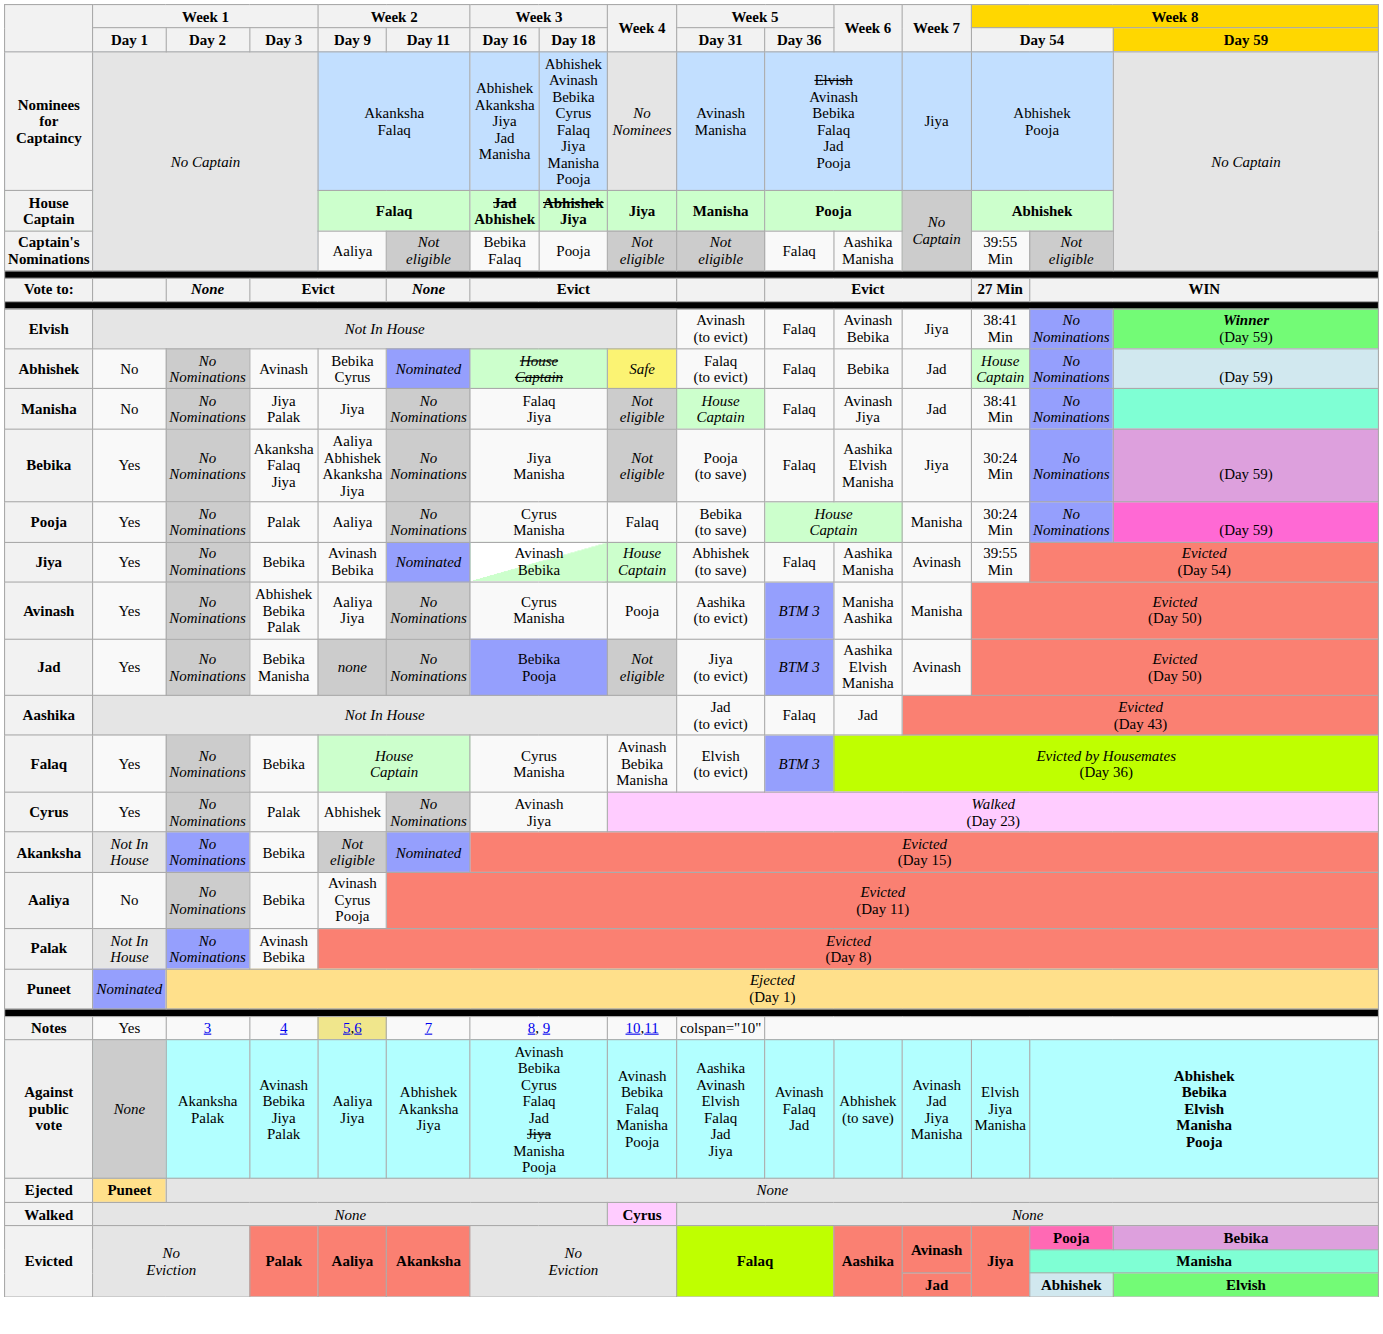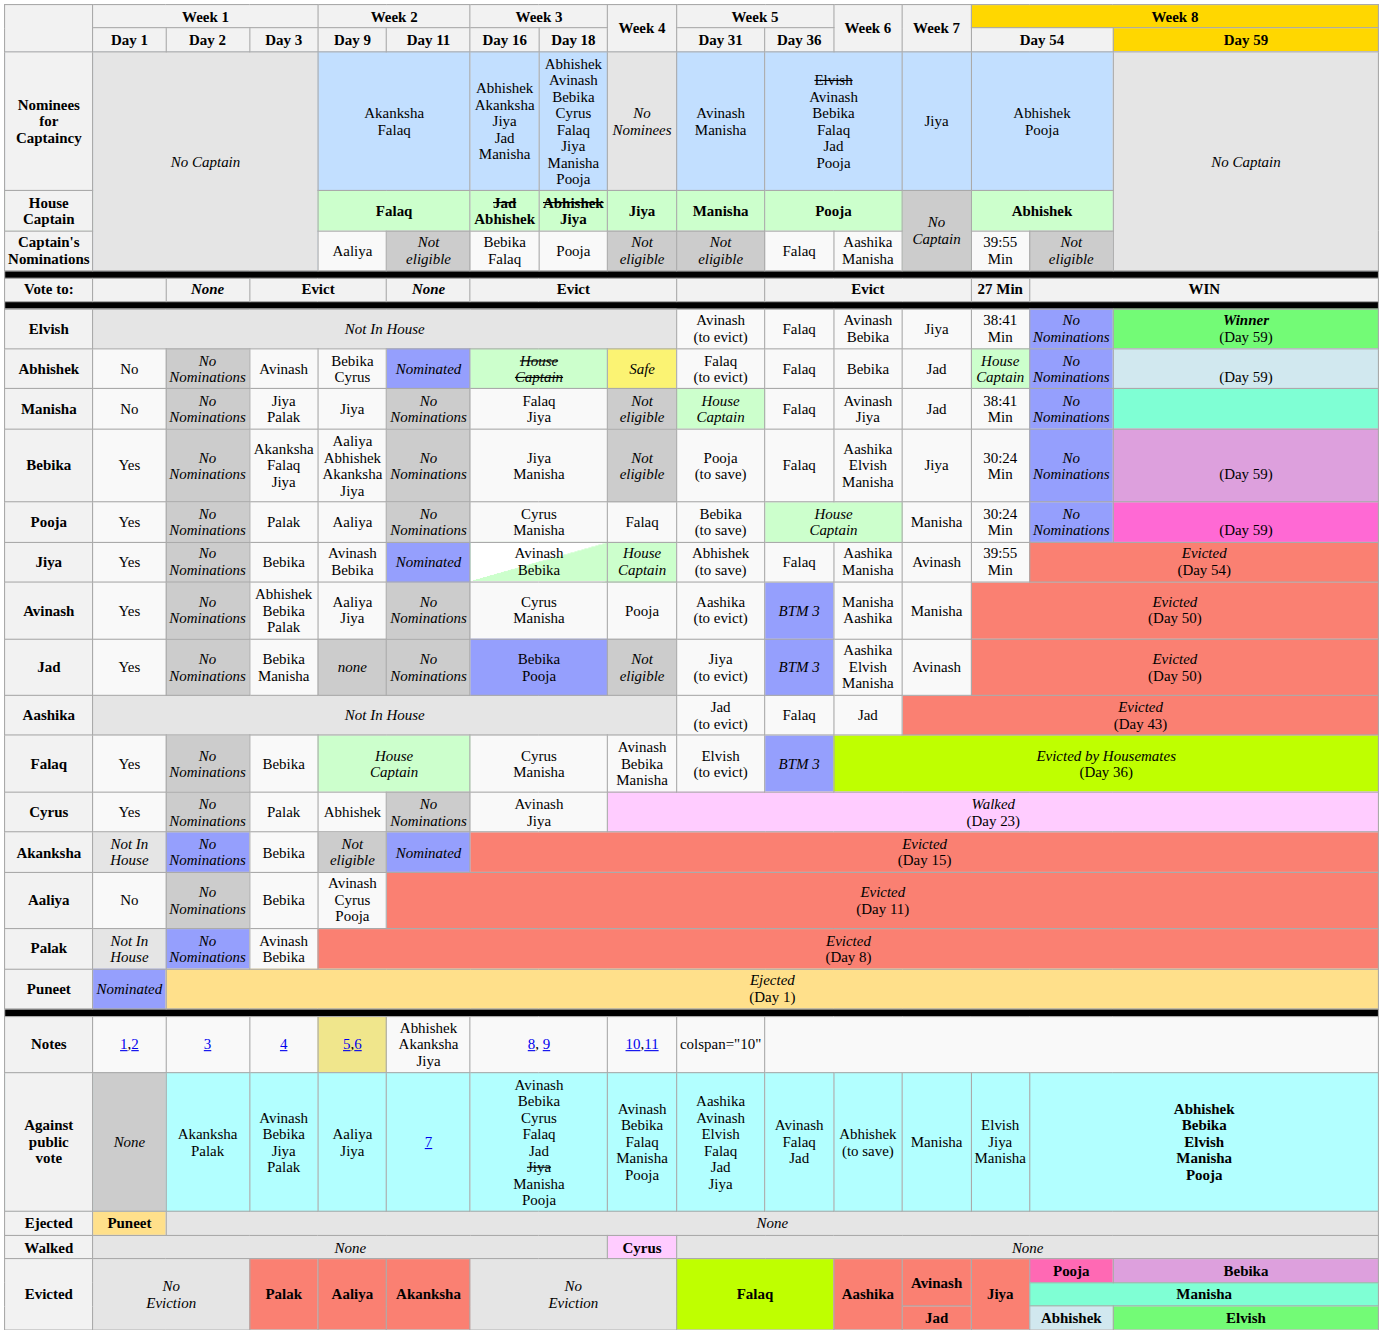 <table class="wikitable" style="text-align:center; font-size:85%; line-height:15px;">
 <tr>
 <th rowspan="2" style="width: 5%;"></th>
 <th colspan="3" style="width: 5%;">Week 1</th>
 <th colspan="2" style="width: 5%;">Week 2</th>
 <th colspan="2" style="width: 5%;">Week 3</th>
 <th rowspan="2" style="width: 5%;">Week 4</th>
 <th colspan="2" style="width: 5%;">Week 5</th>
 <th rowspan="2" style="width: 5%;">Week 6</th>
 <th rowspan="2" style="width: 5%;">Week 7</th>
 <td colspan="4" style="width: 5%;" bgcolor="gold"><strong>Week 8</strong></td>
 </tr>
 <tr>
 <th style="width: 5%;">Day 1</th>
 <th style="width: 5%;">Day 2</th>
 <th style="width: 5%;">Day 3</th>
 <th style="width: 5%;">Day 9</th>
 <th style="width: 5%;">Day 11</th>
 <th style="width: 5%;">Day 16</th>
 <th style="width: 5%;">Day 18</th>
 <th style="width: 5%;">Day 31</th>
 <th style="width: 5%;">Day 36</th>
 <th colspan="2" style="width: 5%;">Day 54</th>
 <td colspan="2" bgcolor="gold"><strong>Day 59</strong></td>
 </tr>
 <tr style="background:#C2DFFF;" |>
 <th>Nominees<br>for<br>Captaincy</th>
 <td colspan="3" rowspan="3" style="background:#E5E5E5"><em>No Captain</em></td>
 <td colspan="2">Akanksha<br>Falaq</td>
 <td>Abhishek<br>Akanksha<br>Jiya<br>Jad <br>Manisha</td>
 <td>Abhishek<br>Avinash<br>Bebika<br>Cyrus<br>Falaq<br>Jiya<br>Manisha<br>Pooja</td>
 <td style="background:#E5E5E5"><em>No<br>Nominees</em></td>
 <td>Avinash<br>Manisha</td>
 <td colspan="2"><s>Elvish</s><br>Avinash<br>Bebika<br>Falaq<br>Jad<br>Pooja</td>
 <td>Jiya</td>
 <td colspan="2">Abhishek<br>Pooja</td>
 <td rowspan="3" style="background:#E5E5E5"><em>No Captain</em></td>
 </tr>
 <tr style="background:#cfc;">
 <th>House Captain</th>
 <td colspan="2"><strong>Falaq</strong></td>
 <td><strong><s>Jad</s><br>Abhishek</strong></td>
 <td><strong><s>Abhishek</s><br>Jiya</strong></td>
 <td><strong>Jiya</strong></td>
 <td><strong>Manisha</strong></td>
 <td colspan="2"><strong>Pooja</strong></td>
 <td rowspan="2" bgcolor="#ccc"><em>No Captain</em></td>
 <td colspan="2"><strong>Abhishek</strong></td>
 </tr>
 <tr>
 <th>Captain's<br>Nominations</th>
 <td>Aaliya</td>
 <td style="background:#ccc;"><em>Not<br>eligible</em></td>
 <td>Bebika<br>Falaq</td>
 <td>Pooja<br></td>
 <td colspan="1" style="background:#ccc;"><em>Not<br>eligible</em></td>
 <td style="background:#ccc;"><em>Not<br>eligible</em></td>
 <td>Falaq</td>
 <td>Aashika<br>Manisha</td>
 <td>39:55 Min</td>
 <td style="background:#ccc;"><em>Not<br>eligible</em></td>
 </tr>
 <tr>
 <th colspan="16" style="background:#000;"></th>
 </tr>
 <tr>
 <th>Vote to:</th>
 <th></th>
 <th><em>None</em></th>
 <th colspan="2">Evict</th>
 <th><em>None</em></th>
 <th colspan="3">Evict</th>
 <th></th>
 <th colspan="3">Evict</th>
 <th>27 Min</th>
 <th colspan="2">WIN</th>
 </tr>
 <tr>
 <td colspan="16" style="background:#000;"></td>
 </tr>
 <tr>
 <th>Elvish</th>
 <td colspan="8" style="background:#E5E5E5;"><em>Not In House</em></td>
 <td>Avinash<br>(to evict)</td>
 <td>Falaq</td>
 <td>Avinash<br>Bebika</td>
 <td>Jiya</td>
 <td>38:41 Min</td>
 <td style="background:#959FFD;"><em>No<br>Nominations</em></td>
 <td style="background:#73FB76;"><strong><em>Winner</em></strong><br>(Day 59)</td>
 </tr>
 <tr>
 <th>Abhishek</th>
 <td>No</td>
 <td style="background:#ccc;"><em>No<br>Nominations</em></td>
 <td>Avinash</td>
 <td>Bebika<br>Cyrus</td>
 <td style="background:#959FFD;"><em>Nominated</em></td>
 <td colspan="2" style="background:#cfc;"><em><s>House<br>Captain</s></em></td>
 <td style="background:#FBF373;"><em>Safe</em></td>
 <td>Falaq<br>(to evict)</td>
 <td>Falaq</td>
 <td>Bebika</td>
 <td>Jad</td>
 <td style="background:#cfc;"><em>House<br>Captain</em></td>
 <td style="background:#959FFD;"><em>No<br>Nominations</em></td>
 <td style="background:#D1E8EF;"><br>(Day 59)</td>
 </tr>
 <tr>
 <th>Manisha</th>
 <td>No</td>
 <td style="background:#ccc;"><em>No<br>Nominations</em></td>
 <td>Jiya<br>Palak</td>
 <td>Jiya</td>
 <td style="background:#ccc;"><em>No<br>Nominations</em></td>
 <td colspan="2">Falaq<br>Jiya</td>
 <td style="background:#ccc;"><em>Not<br>eligible</em></td>
 <td style="background:#cfc;"><em>House<br>Captain</em></td>
 <td>Falaq</td>
 <td>Avinash<br>Jiya</td>
 <td>Jad</td>
 <td>38:41 Min</td>
 <td style="background:#959FFD;"><em>No<br>Nominations</em></td>
 <td style="background:#7FFFD4;"></td>
 </tr>
 <tr>
 <th>Bebika</th>
 <td>Yes</td>
 <td style="background:#ccc;"><em>No<br>Nominations</em></td>
 <td>Akanksha<br>Falaq<br>Jiya</td>
 <td>Aaliya<br>Abhishek<br>Akanksha<br>Jiya</td>
 <td style="background:#ccc;"><em>No<br>Nominations</em></td>
 <td colspan="2">Jiya<br>Manisha</td>
 <td style="background:#ccc;"><em>Not<br>eligible</em></td>
 <td>Pooja<br>(to save)</td>
 <td>Falaq</td>
 <td>Aashika<br>Elvish<br>Manisha</td>
 <td>Jiya</td>
 <td>30:24 Min</td>
 <td style="background:#959FFD;"><em>No<br>Nominations</em></td>
 <td style="background:#DDA0DD;"><br>(Day 59)</td>
 </tr>
 <tr>
 <th>Pooja</th>
 <td>Yes</td>
 <td style="background:#ccc;"><em>No<br>Nominations</em></td>
 <td>Palak</td>
 <td>Aaliya</td>
 <td style="background:#ccc;"><em>No<br>Nominations</em></td>
 <td colspan="2">Cyrus<br>Manisha</td>
 <td>Falaq</td>
 <td>Bebika<br>(to save)</td>
 <td colspan="2" style="background:#cfc;"><em>House<br>Captain</em></td>
 <td>Manisha</td>
 <td>30:24 Min</td>
 <td style="background:#959FFD;"><em>No<br>Nominations</em></td>
 <td style="background:#FF69D4;"><br>(Day 59)</td>
 </tr>
 <tr>
 <th>Jiya</th>
 <td>Yes</td>
 <td style="background:#ccc;"><em>No<br>Nominations</em></td>
 <td>Bebika</td>
 <td>Avinash<br>Bebika</td>
 <td style="background:#959FFD;"><em>Nominated</em></td>
 <td colspan="2" style="background-image: linear-gradient(to right bottom, white 50%, #cfc 50%);">Avinash<br>Bebika</td>
 <td style="background:#cfc;"><em>House<br>Captain</em></td>
 <td>Abhishek<br>(to save)</td>
 <td>Falaq</td>
 <td>Aashika<br>Manisha</td>
 <td>Avinash</td>
 <td>39:55 Min</td>
 <td colspan="2" style="background:#FA8072;"><em>Evicted</em><br>(Day 54)</td>
 </tr>
 <tr>
 <th>Avinash</th>
 <td>Yes</td>
 <td style="background:#ccc;"><em>No<br>Nominations</em></td>
 <td>Abhishek<br>Bebika<br>Palak</td>
 <td>Aaliya<br>Jiya</td>
 <td style="background:#ccc;"><em>No<br>Nominations</em></td>
 <td colspan="2">Cyrus<br>Manisha</td>
 <td>Pooja</td>
 <td>Aashika<br>(to evict)</td>
 <td style="background:#959FFD;"><em>BTM 3</em></td>
 <td>Manisha<br>Aashika</td>
 <td>Manisha</td>
 <td colspan="3" style="background:#FA8072;"><em>Evicted </em><br>(Day 50)</td>
 </tr>
 <tr>
 <th>Jad</th>
 <td>Yes</td>
 <td style="background:#ccc;"><em>No<br>Nominations</em></td>
 <td>Bebika<br>Manisha</td>
 <td bgcolor="#ccc"><em>none</em></td>
 <td style="background:#ccc;"><em>No<br>Nominations</em></td>
 <td colspan="2" style="background:#959FFD;">Bebika<br>Pooja</td>
 <td style="background:#ccc;"><em>Not<br>eligible</em></td>
 <td>Jiya<br>(to evict)</td>
 <td style="background:#959FFD;"><em>BTM 3</em></td>
 <td>Aashika<br>Elvish<br>Manisha</td>
 <td>Avinash</td>
 <td colspan="3" style="background:#FA8072;"><em>Evicted</em><br>(Day 50)</td>
 </tr>
 <tr>
 <th>Aashika</th>
 <td colspan="8" style="background:#E5E5E5;"><em>Not In House</em></td>
 <td>Jad<br>(to evict)</td>
 <td>Falaq</td>
 <td>Jad</td>
 <td colspan="4" style="background:#FA8072;"><em>Evicted</em><br>(Day 43)</td>
 </tr>
 <tr>
 <th>Falaq</th>
 <td>Yes</td>
 <td style="background:#ccc;"><em>No<br>Nominations</em></td>
 <td>Bebika</td>
 <td colspan="2" style="background:#cfc;"><em>House<br>Captain</em></td>
 <td colspan="2">Cyrus<br>Manisha</td>
 <td>Avinash<br>Bebika<br>Manisha</td>
 <td>Elvish<br>(to evict)</td>
 <td style="background:#959FFD;"><em>BTM 3</em></td>
 <td colspan="5" style="background:#BFFF00;"><em>Evicted by Housemates</em><br>(Day 36)</td>
 </tr>
 <tr>
 <th>Cyrus</th>
 <td>Yes</td>
 <td style="background:#ccc;"><em>No<br>Nominations</em></td>
 <td>Palak</td>
 <td>Abhishek</td>
 <td style="background:#ccc;"><em>No<br>Nominations</em></td>
 <td colspan="2">Avinash<br>Jiya</td>
 <td colspan="8" style="background:#fcf;"><em>Walked</em><br>(Day 23)</td>
 </tr>
 <tr>
 <th>Akanksha</th>
 <td style="background:#E5E5E5;"><em>Not In House</em></td>
 <td style="background:#959FFD;"><em>No<br>Nominations</em></td>
 <td>Bebika</td>
 <td style="background:#ccc;"><em>Not<br>eligible</em></td>
 <td style="background:#959FFD;"><em>Nominated</em></td>
 <td colspan="10" style="background:#FA8072;"><em>Evicted</em><br>(Day 15)</td>
 </tr>
 <tr>
 <th>Aaliya</th>
 <td>No</td>
 <td style="background:#ccc;"><em>No<br>Nominations</em></td>
 <td>Bebika</td>
 <td>Avinash<br>Cyrus<br>Pooja</td>
 <td colspan="11" style="background:#FA8072;"><em>Evicted</em><br>(Day 11)</td>
 </tr>
 <tr>
 <th>Palak</th>
 <td style="background:#E5E5E5;"><em>Not In House</em></td>
 <td style="background:#959FFD;"><em>No<br>Nominations</em></td>
 <td>Avinash<br>Bebika<br></td>
 <td colspan="12" style="background:#FA8072;"><em>Evicted</em><br>(Day 8)</td>
 </tr>
 <tr>
 <th>Puneet</th>
 <td style="background:#959FFD;"><em>Nominated</em></td>
 <td colspan="14" style="background:#FFE08B;"><em>Ejected </em><br>(Day 1)</td>
 </tr>
 <tr>
 <th colspan="16" style="background:#000;"></th>
 </tr>
 <tr>
 <th>Notes</th>
-<td>Yes</td>
+<td><a href='#'>1</a>,<a href='#'>2</a></td>
 <td><a href='#'>3</a></td>
 <td><a href='#'>4</a></td>
 <td style="background: khaki;"><a href='#'>5</a>,<a href='#'>6</a></td>
-<td><a href='#'>7</a></td>
+<td>Abhishek<br>Akanksha <br>Jiya</td>
 <td colspan="2"><a href='#'>8</a>, <a href='#'>9</a></td>
 <td><a href='#'>10</a>,<a href='#'>11</a></td>
 <td>colspan="10" </td>
 </tr>
 <tr style="background:#B2FFFF">
 <th>Against<br>public<br>vote</th>
 <td bgcolor="#ccc"><em>None</em></td>
 <td>Akanksha<br>Palak</td>
 <td>Avinash <br>Bebika<br>Jiya<br>Palak</td>
 <td>Aaliya<br>Jiya</td>
-<td>Abhishek<br>Akanksha <br>Jiya</td>
+<td><a href='#'>7</a></td>
 <td colspan="2">Avinash<br>Bebika<br>Cyrus<br>Falaq<br>Jad<br><s>Jiya</s><br>Manisha<br>Pooja</td>
 <td>Avinash<br>Bebika<br>Falaq<br>Manisha<br>Pooja</td>
 <td>Aashika<br>Avinash<br>Elvish<br>Falaq<br>Jad<br>Jiya</td>
 <td>Avinash<br>Falaq<br>Jad</td>
 <td>Abhishek<br>(to save)</td>
-<td>Avinash<br>Jad<br>Jiya<br>Manisha</td>
+<td>Manisha</td>
 <td>Elvish<br>Jiya<br>Manisha</td>
 <td colspan="2"><strong>Abhishek<br>Bebika<br>Elvish<br>Manisha<br>Pooja</strong></td>
 </tr>
 <tr>
 <th>Ejected</th>
 <td style="background:#FFE08B;"><strong>Puneet</strong></td>
 <td colspan="14" style="background:#E5E5E5;"><em>None</em></td>
 </tr>
 <tr>
 <th>Walked</th>
 <td colspan="7" style="background:#E5E5E5;"><em>None</em></td>
 <td style="background:#fcf;"><strong>Cyrus</strong></td>
 <td colspan="7" style="background:#E5E5E5;"><em>None</em></td>
 </tr>
 <tr>
 <th rowspan="3">Evicted</th>
 <td rowspan="3" colspan="2" style="background:#E5E5E5;"><em>No<br>Eviction</em></td>
 <td rowspan="3" style="background:#FA8072;"><strong>Palak</strong></td>
 <td rowspan="3" style="background:#FA8072;"><strong>Aaliya</strong></td>
 <td rowspan="3" style="background:#FA8072;"><strong>Akanksha</strong></td>
 <td rowspan="3" colspan="3" style="background:#E5E5E5;"><em>No<br>Eviction</em></td>
 <td rowspan="3" colspan="2" style="background:#BFFF00;"><strong>Falaq</strong></td>
 <td rowspan="3" style="background:#FA8072;"><strong>Aashika</strong></td>
 <td rowspan="2" style="background:#FA8072;"><strong>Avinash</strong></td>
 <td rowspan="3" style="background:#FA8072;"><strong>Jiya</strong></td>
 <td style="background:#FF69B4;"><strong>Pooja</strong></td>
 <td style="background:#DDA0DD;"><strong>Bebika</strong></td>
 </tr>
 <tr>
 <td colspan="2" style="background:#7FFFD4;"><strong>Manisha</strong></td>
 </tr>
 <tr>
 <td style="background:#FA8072;"><strong>Jad</strong></td>
 <td style="background:#D1E8EF;"><strong>Abhishek</strong></td>
 <td style="background:#73FB76;"><strong>Elvish</strong></td>
 </tr>
 </table>
